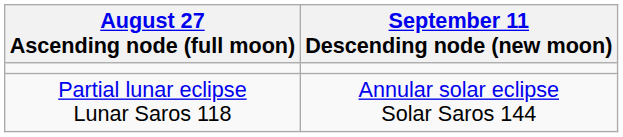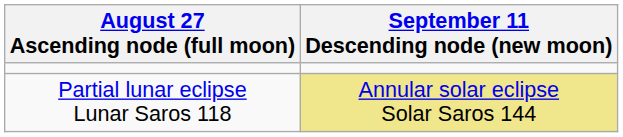 <table class="wikitable">
 <tr>
 <th><a href='#'>August 27</a><br>Ascending node (full moon)<br></th>
 <th><a href='#'>September 11</a><br>Descending node (new moon)<br></th>
 </tr>
 <tr>
 <td></td>
 <td></td>
 </tr>
 <tr align=center>
 <td><a href='#'>Partial lunar eclipse</a><br>Lunar Saros 118</td>
-<td><a href='#'>Annular solar eclipse</a><br>Solar Saros 144</td>
+<td style="background: khaki;"><a href='#'>Annular solar eclipse</a><br>Solar Saros 144</td>
 </tr>
 </table>
